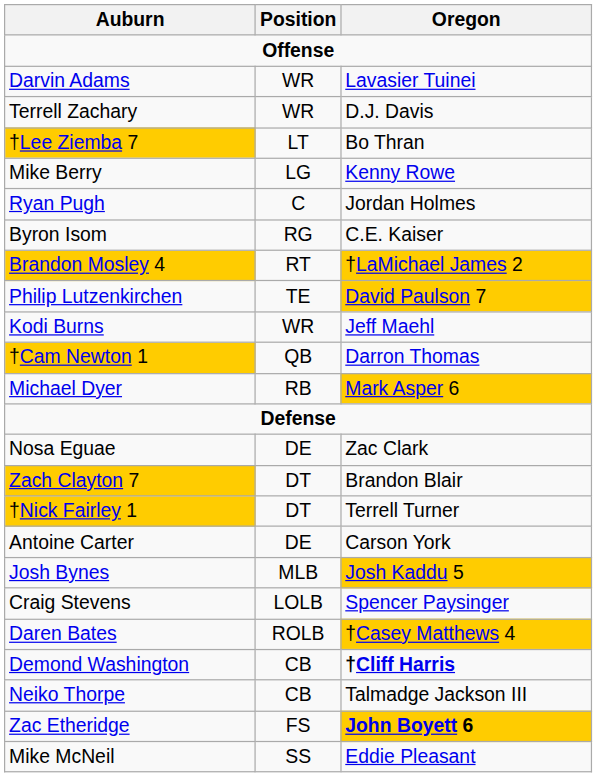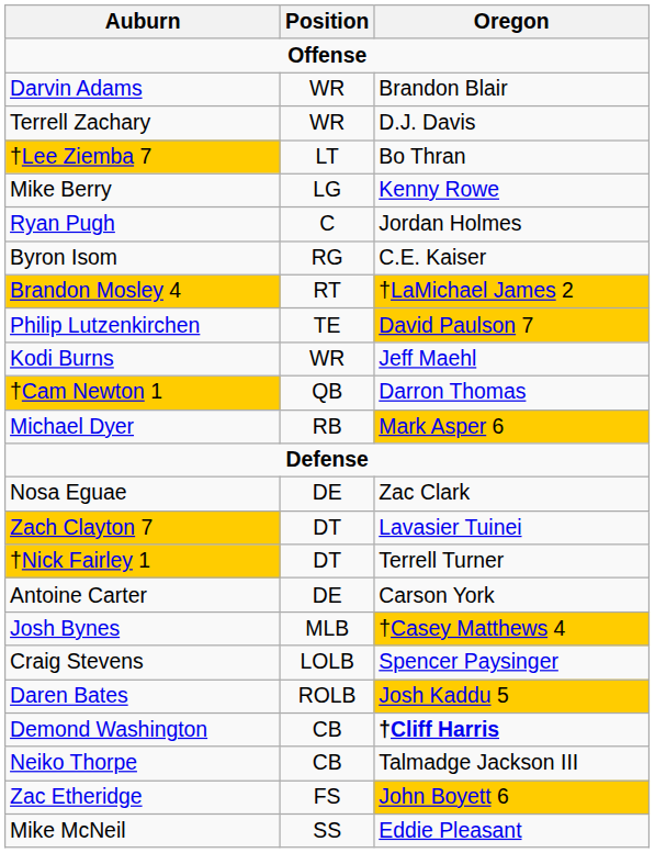 <table class="wikitable">
 <tr>
 <th style="width:200px;">Auburn</th>
 <th colspan="2">Position</th>
 <th style="width:200px;">Oregon</th>
 </tr>
 <tr>
 <td colspan="4" style="text-align:center"><strong>Offense</strong></td>
 </tr>
 <tr>
 <td><a href='#'>Darvin Adams</a></td>
 <td colspan="2" style="text-align:center">WR</td>
-<td><a href='#'>Lavasier Tuinei</a></td>
+<td>Brandon Blair</td>
 </tr>
 <tr>
 <td>Terrell Zachary</td>
 <td colspan="2" style="text-align:center">WR</td>
 <td>D.J. Davis</td>
 </tr>
 <tr>
 <td bgcolor="#FFCC00">†<a href='#'>Lee Ziemba</a> 7</td>
 <td colspan="2" style="text-align:center">LT</td>
 <td>Bo Thran</td>
 </tr>
 <tr>
 <td>Mike Berry</td>
 <td colspan="2" style="text-align:center">LG</td>
 <td><a href='#'>Kenny Rowe</a></td>
 </tr>
 <tr>
 <td><a href='#'>Ryan Pugh</a></td>
 <td colspan="2" style="text-align:center">C</td>
 <td>Jordan Holmes</td>
 </tr>
 <tr>
 <td>Byron Isom</td>
 <td colspan="2" style="text-align:center">RG</td>
 <td>C.E. Kaiser</td>
 </tr>
 <tr>
 <td bgcolor="#FFCC00"><a href='#'>Brandon Mosley</a> 4</td>
 <td colspan="2" style="text-align:center">RT</td>
 <td bgcolor="#FFCC00">†<a href='#'>LaMichael James</a> 2</td>
 </tr>
 <tr>
 <td><a href='#'>Philip Lutzenkirchen</a></td>
 <td colspan="2" style="text-align:center">TE</td>
 <td bgcolor="#FFCC00"><a href='#'>David Paulson</a> 7</td>
 </tr>
 <tr>
 <td><a href='#'>Kodi Burns</a></td>
 <td colspan="2" style="text-align:center">WR</td>
 <td><a href='#'>Jeff Maehl</a></td>
 </tr>
 <tr>
 <td bgcolor="#FFCC00">†<a href='#'>Cam Newton</a> 1</td>
 <td colspan="2" style="text-align:center">QB</td>
 <td><a href='#'>Darron Thomas</a></td>
 </tr>
 <tr>
 <td><a href='#'>Michael Dyer</a></td>
 <td colspan="2" style="text-align:center">RB</td>
 <td bgcolor="#FFCC00"><a href='#'>Mark Asper</a> 6</td>
 </tr>
 <tr>
 <td colspan="4" style="text-align:center"><strong>Defense</strong></td>
 </tr>
 <tr>
 <td>Nosa Eguae</td>
 <td colspan="2" style="text-align:center">DE</td>
 <td>Zac Clark</td>
 </tr>
 <tr>
 <td bgcolor="#FFCC00"><a href='#'>Zach Clayton</a> 7</td>
 <td colspan="2" style="text-align:center">DT</td>
-<td>Brandon Blair</td>
+<td><a href='#'>Lavasier Tuinei</a></td>
 </tr>
 <tr>
 <td bgcolor="#FFCC00">†<a href='#'>Nick Fairley</a> 1</td>
 <td colspan="2" style="text-align:center">DT</td>
 <td>Terrell Turner</td>
 </tr>
 <tr>
 <td>Antoine Carter</td>
 <td colspan="2" style="text-align:center">DE</td>
 <td>Carson York</td>
 </tr>
 <tr>
 <td><a href='#'>Josh Bynes</a></td>
 <td colspan="2" style="text-align:center">MLB</td>
-<td bgcolor="#FFCC00"><a href='#'>Josh Kaddu</a> 5</td>
+<td bgcolor="#FFCC00">†<a href='#'>Casey Matthews</a> 4</td>
 </tr>
 <tr>
 <td>Craig Stevens</td>
 <td colspan="2" style="text-align:center">LOLB</td>
 <td><a href='#'>Spencer Paysinger</a></td>
 </tr>
 <tr>
 <td><a href='#'>Daren Bates</a></td>
 <td colspan="2" style="text-align:center">ROLB</td>
-<td bgcolor="#FFCC00">†<a href='#'>Casey Matthews</a> 4</td>
+<td bgcolor="#FFCC00"><a href='#'>Josh Kaddu</a> 5</td>
 </tr>
 <tr>
 <td><a href='#'>Demond Washington</a></td>
 <td colspan="2" style="text-align:center">CB</td>
 <td><strong>†<a href='#'>Cliff Harris</a></strong></td>
 </tr>
 <tr>
 <td><a href='#'>Neiko Thorpe</a></td>
 <td colspan="2" style="text-align:center">CB</td>
 <td>Talmadge Jackson III</td>
 </tr>
 <tr>
 <td><a href='#'>Zac Etheridge</a></td>
 <td colspan="2" style="text-align:center">FS</td>
-<td bgcolor="#FFCC00"><strong><a href='#'>John Boyett</a> 6</strong></td>
+<td bgcolor="#FFCC00"><a href='#'>John Boyett</a> 6</td>
 </tr>
 <tr>
 <td>Mike McNeil</td>
 <td colspan="2" style="text-align:center">SS</td>
 <td><a href='#'>Eddie Pleasant</a></td>
 </tr>
 </table>
